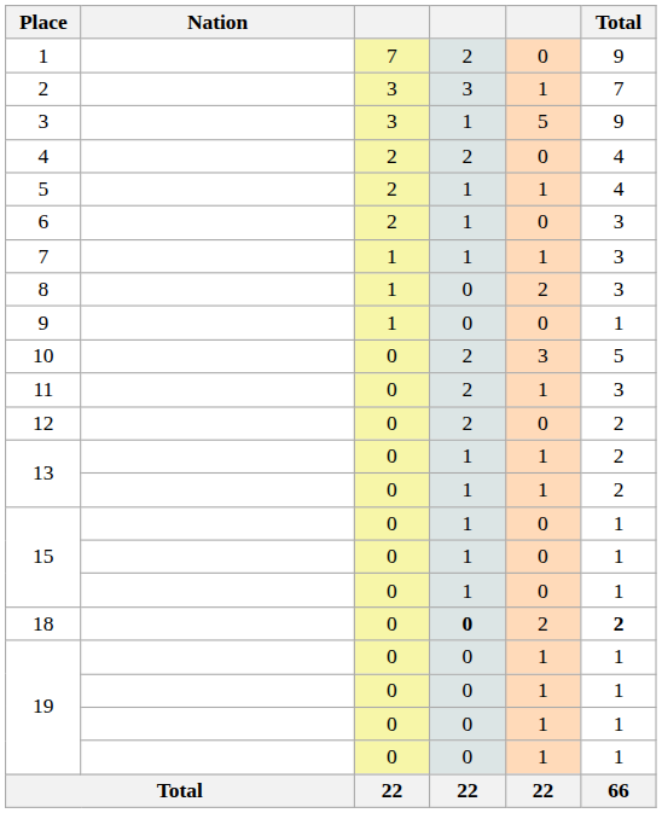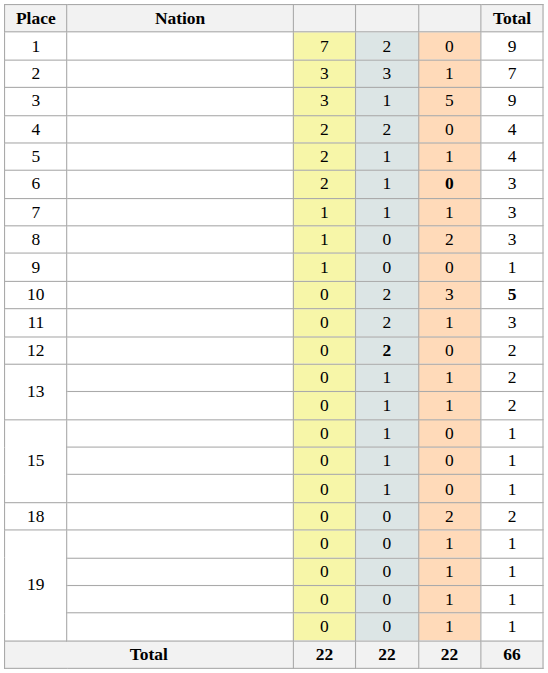 <table class="wikitable" style="border:1px solid #AAAAAA">
 <tr bgcolor="#EFEFEF">
 <th width=50>Place</th>
 <th width=200>Nation</th>
 <th width=50></th>
 <th width=50></th>
 <th width=50></th>
 <th width=50>Total</th>
 </tr>
 <tr align=center bgcolor="#FFFFFF">
 <td>1</td>
 <td align="left"></td>
 <td style="background:#F7F6A8;">7</td>
 <td style="background:#DCE5E5;">2</td>
 <td style="background:#FFDAB9;">0</td>
 <td>9</td>
 </tr>
 <tr align=center bgcolor="#FFFFFF">
 <td>2</td>
 <td align="left"></td>
 <td style="background:#F7F6A8;">3</td>
 <td style="background:#DCE5E5;">3</td>
 <td style="background:#FFDAB9;">1</td>
 <td>7</td>
 </tr>
 <tr align=center bgcolor="#FFFFFF">
 <td>3</td>
 <td align="left"></td>
 <td style="background:#F7F6A8;">3</td>
 <td style="background:#DCE5E5;">1</td>
 <td style="background:#FFDAB9;">5</td>
 <td>9</td>
 </tr>
 <tr align=center bgcolor="#FFFFFF">
 <td>4</td>
 <td align="left"></td>
 <td style="background:#F7F6A8;">2</td>
 <td style="background:#DCE5E5;">2</td>
 <td style="background:#FFDAB9;">0</td>
 <td>4</td>
 </tr>
 <tr align=center bgcolor="#FFFFFF">
 <td>5</td>
 <td align="left"></td>
 <td style="background:#F7F6A8;">2</td>
 <td style="background:#DCE5E5;">1</td>
 <td style="background:#FFDAB9;">1</td>
 <td>4</td>
 </tr>
 <tr align=center bgcolor="#FFFFFF">
 <td>6</td>
 <td align="left"></td>
 <td style="background:#F7F6A8;">2</td>
 <td style="background:#DCE5E5;">1</td>
-<td style="background:#FFDAB9;">0</td>
+<td style="background:#FFDAB9;"><strong>0</strong></td>
 <td>3</td>
 </tr>
 <tr align=center bgcolor="#FFFFFF">
 <td>7</td>
 <td align="left"></td>
 <td style="background:#F7F6A8;">1</td>
 <td style="background:#DCE5E5;">1</td>
 <td style="background:#FFDAB9;">1</td>
 <td>3</td>
 </tr>
 <tr align=center bgcolor="#FFFFFF">
 <td>8</td>
 <td align="left"></td>
 <td style="background:#F7F6A8;">1</td>
 <td style="background:#DCE5E5;">0</td>
 <td style="background:#FFDAB9;">2</td>
 <td>3</td>
 </tr>
 <tr align=center bgcolor="#FFFFFF">
 <td>9</td>
 <td align="left"></td>
 <td style="background:#F7F6A8;">1</td>
 <td style="background:#DCE5E5;">0</td>
 <td style="background:#FFDAB9;">0</td>
 <td>1</td>
 </tr>
 <tr align=center bgcolor="#FFFFFF">
 <td>10</td>
 <td align="left"></td>
 <td style="background:#F7F6A8;">0</td>
 <td style="background:#DCE5E5;">2</td>
 <td style="background:#FFDAB9;">3</td>
-<td>5</td>
+<td><strong>5</strong></td>
 </tr>
 <tr align=center bgcolor="#FFFFFF">
 <td>11</td>
 <td align="left"></td>
 <td style="background:#F7F6A8;">0</td>
 <td style="background:#DCE5E5;">2</td>
 <td style="background:#FFDAB9;">1</td>
 <td>3</td>
 </tr>
 <tr align=center bgcolor="#FFFFFF">
 <td>12</td>
 <td align="left"></td>
 <td style="background:#F7F6A8;">0</td>
-<td style="background:#DCE5E5;">2</td>
+<td style="background:#DCE5E5;"><strong>2</strong></td>
 <td style="background:#FFDAB9;">0</td>
 <td>2</td>
 </tr>
 <tr align=center bgcolor="#FFFFFF">
 <td rowspan=2>13</td>
 <td align="left"></td>
 <td style="background:#F7F6A8;">0</td>
 <td style="background:#DCE5E5;">1</td>
 <td style="background:#FFDAB9;">1</td>
 <td>2</td>
 </tr>
 <tr align=center bgcolor="#FFFFFF">
 <td align="left"></td>
 <td style="background:#F7F6A8;">0</td>
 <td style="background:#DCE5E5;">1</td>
 <td style="background:#FFDAB9;">1</td>
 <td>2</td>
 </tr>
 <tr align=center bgcolor="#FFFFFF">
 <td rowspan=3>15</td>
 <td align="left"></td>
 <td style="background:#F7F6A8;">0</td>
 <td style="background:#DCE5E5;">1</td>
 <td style="background:#FFDAB9;">0</td>
 <td>1</td>
 </tr>
 <tr align=center bgcolor="#FFFFFF">
 <td align="left"></td>
 <td style="background:#F7F6A8;">0</td>
 <td style="background:#DCE5E5;">1</td>
 <td style="background:#FFDAB9;">0</td>
 <td>1</td>
 </tr>
 <tr align=center bgcolor="#FFFFFF">
 <td align="left"></td>
 <td style="background:#F7F6A8;">0</td>
 <td style="background:#DCE5E5;">1</td>
 <td style="background:#FFDAB9;">0</td>
 <td>1</td>
 </tr>
 <tr align=center bgcolor="#FFFFFF">
 <td>18</td>
 <td align="left"></td>
 <td style="background:#F7F6A8;">0</td>
-<td style="background:#DCE5E5;"><strong>0</strong></td>
+<td style="background:#DCE5E5;">0</td>
 <td style="background:#FFDAB9;">2</td>
-<td><strong>2</strong></td>
+<td>2</td>
 </tr>
 <tr align=center bgcolor="#FFFFFF">
 <td rowspan=4>19</td>
 <td align="left"></td>
 <td style="background:#F7F6A8;">0</td>
 <td style="background:#DCE5E5;">0</td>
 <td style="background:#FFDAB9;">1</td>
 <td>1</td>
 </tr>
 <tr align=center bgcolor="#FFFFFF">
 <td align="left"></td>
 <td style="background:#F7F6A8;">0</td>
 <td style="background:#DCE5E5;">0</td>
 <td style="background:#FFDAB9;">1</td>
 <td>1</td>
 </tr>
 <tr align=center bgcolor="#FFFFFF">
 <td align="left"></td>
 <td style="background:#F7F6A8;">0</td>
 <td style="background:#DCE5E5;">0</td>
 <td style="background:#FFDAB9;">1</td>
 <td>1</td>
 </tr>
 <tr align=center bgcolor="#FFFFFF">
 <td align="left"></td>
 <td style="background:#F7F6A8;">0</td>
 <td style="background:#DCE5E5;">0</td>
 <td style="background:#FFDAB9;">1</td>
 <td>1</td>
 </tr>
 <tr bgcolor="#EFEFEF">
 <th colspan=2>Total</th>
 <th>22</th>
 <th>22</th>
 <th>22</th>
 <th>66</th>
 </tr>
 </table>
